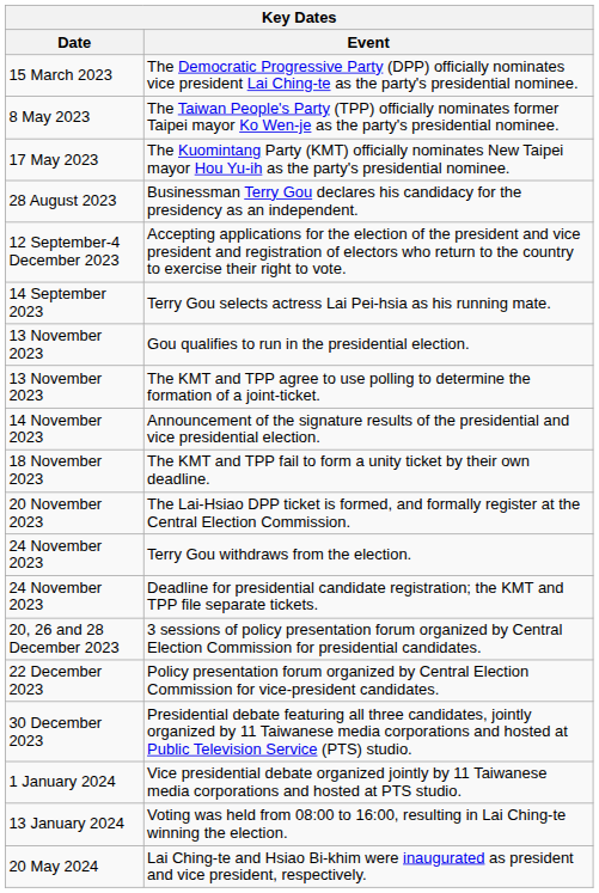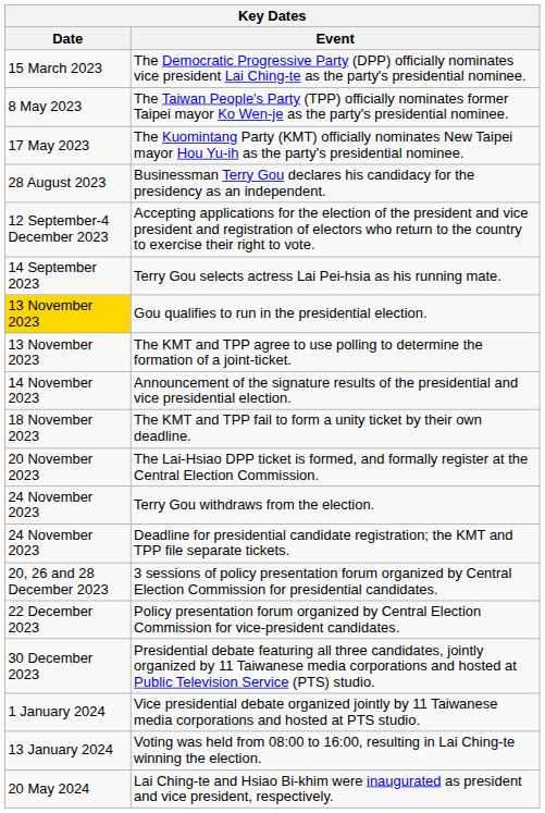 <table class="wikitable">
 <tr>
 <th colspan="2">Key Dates</th>
 </tr>
 <tr>
 <th>Date</th>
 <th>Event</th>
 </tr>
 <tr>
 <td>15 March 2023</td>
 <td>The <a href='#'>Democratic Progressive Party</a> (DPP) officially nominates vice president <a href='#'>Lai Ching-te</a> as the party's presidential nominee.</td>
 </tr>
 <tr>
 <td>8 May 2023</td>
 <td>The <a href='#'>Taiwan People's Party</a> (TPP) officially nominates former Taipei mayor <a href='#'>Ko Wen-je</a> as the party's presidential nominee.</td>
 </tr>
 <tr>
 <td>17 May 2023</td>
 <td>The <a href='#'>Kuomintang</a> Party (KMT) officially nominates New Taipei mayor <a href='#'>Hou Yu-ih</a> as the party's presidential nominee.</td>
 </tr>
 <tr>
 <td>28 August 2023</td>
 <td>Businessman <a href='#'>Terry Gou</a> declares his candidacy for the presidency as an independent.</td>
 </tr>
 <tr>
 <td>12 September-4 December 2023</td>
 <td>Accepting applications for the election of the president and vice president and registration of electors who return to the country to exercise their right to vote.</td>
 </tr>
 <tr>
 <td>14 September 2023</td>
 <td>Terry Gou selects actress Lai Pei-hsia as his running mate.</td>
 </tr>
 <tr>
-<td>13 November 2023</td>
+<td style="background: gold;">13 November 2023</td>
 <td>Gou qualifies to run in the presidential election.</td>
 </tr>
 <tr>
 <td>13 November 2023</td>
 <td>The KMT and TPP agree to use polling to determine the formation of a joint-ticket.</td>
 </tr>
 <tr>
 <td>14 November 2023</td>
 <td>Announcement of the signature results of the presidential and vice presidential election.</td>
 </tr>
 <tr>
 <td>18 November 2023</td>
 <td>The KMT and TPP fail to form a unity ticket by their own deadline.</td>
 </tr>
 <tr>
 <td>20 November 2023</td>
 <td>The Lai-Hsiao DPP ticket is formed, and formally register at the Central Election Commission.</td>
 </tr>
 <tr>
 <td>24 November 2023</td>
 <td>Terry Gou withdraws from the election.</td>
 </tr>
 <tr>
 <td>24 November 2023</td>
 <td>Deadline for presidential candidate registration; the KMT and TPP file separate tickets.</td>
 </tr>
 <tr>
 <td>20, 26 and 28 December 2023</td>
 <td>3 sessions of policy presentation forum organized by Central Election Commission for presidential candidates.</td>
 </tr>
 <tr>
 <td>22 December 2023</td>
 <td>Policy presentation forum organized by Central Election Commission for vice-president candidates.</td>
 </tr>
 <tr>
 <td>30 December 2023</td>
 <td>Presidential debate featuring all three candidates, jointly organized by 11 Taiwanese media corporations and hosted at <a href='#'>Public Television Service</a> (PTS) studio.</td>
 </tr>
 <tr>
 <td>1 January 2024</td>
 <td>Vice presidential debate organized jointly by 11 Taiwanese media corporations and hosted at PTS studio.</td>
 </tr>
 <tr>
 <td>13 January 2024</td>
 <td>Voting was held from 08:00 to 16:00, resulting in Lai Ching-te winning the election.</td>
 </tr>
 <tr>
 <td>20 May 2024</td>
 <td>Lai Ching-te and Hsiao Bi-khim were <a href='#'>inaugurated</a> as president and vice president, respectively.</td>
 </tr>
 </table>
